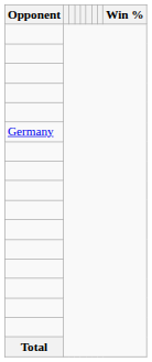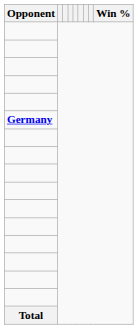 <table class="wikitable sortable collapsible collapsed" style="text-align: center;">
 <tr>
 <th>Opponent</th>
 <th></th>
 <th></th>
 <th></th>
 <th></th>
 <th></th>
 <th></th>
 <th></th>
 <th>Win %</th>
 </tr>
 <tr>
 <td align="left"><br></td>
 </tr>
 <tr>
 <td align="left"><br></td>
 </tr>
 <tr>
 <td align="left"><br></td>
 </tr>
 <tr>
 <td align="left"><br></td>
 </tr>
 <tr>
 <td align="left"><br></td>
 </tr>
 <tr>
-<td align="left"> <a href='#'>Germany</a><br></td>
+<td align="left"><strong> <a href='#'>Germany</a><br></strong></td>
 </tr>
 <tr>
 <td align="left"><br></td>
 </tr>
 <tr>
 <td align="left"><br></td>
 </tr>
 <tr>
 <td align="left"><br></td>
 </tr>
 <tr>
 <td align="left"><br></td>
 </tr>
 <tr>
 <td align="left"><br></td>
 </tr>
 <tr>
 <td align="left"><br></td>
 </tr>
 <tr>
 <td align="left"><br></td>
 </tr>
 <tr>
 <td align="left"><br></td>
 </tr>
 <tr>
 <td align="left"><br></td>
 </tr>
 <tr>
 <td align="left"><br></td>
 </tr>
 <tr class="sortbottom">
 <th>Total<br></th>
 </tr>
 </table>
